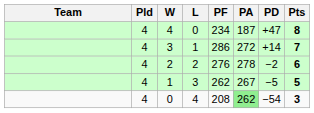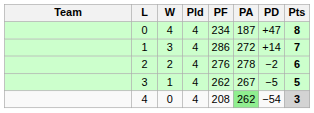 <table class=wikitable style="text-align:center">
 <tr>
 <th width=180>Team</th>
+<th width=30>L</th>
+<th width=30>W</th>
 <th width=30>Pld</th>
-<th width=30>W</th>
-<th width=30>L</th>
 <th width=30>PF</th>
 <th width=30>PA</th>
 <th width=30>PD</th>
 <th width=30>Pts</th>
 </tr>
 <tr bgcolor=ccffcc>
 <td align=left></td>
+<td>0</td>
 <td>4</td>
 <td>4</td>
-<td>0</td>
 <td>234</td>
 <td>187</td>
 <td>+47</td>
 <td><strong>8</strong></td>
 </tr>
 <tr bgcolor=ccffcc>
 <td align=left></td>
+<td>1</td>
+<td>3</td>
 <td>4</td>
-<td>3</td>
-<td>1</td>
 <td>286</td>
 <td>272</td>
 <td>+14</td>
 <td><strong>7</strong></td>
 </tr>
 <tr bgcolor=ccffcc>
 <td align=left></td>
-<td>4</td>
 <td>2</td>
 <td>2</td>
+<td>4</td>
 <td>276</td>
 <td>278</td>
 <td>−2</td>
 <td><strong>6</strong></td>
 </tr>
 <tr bgcolor=ccffcc>
 <td align=left></td>
+<td>3</td>
+<td>1</td>
 <td>4</td>
-<td>1</td>
-<td>3</td>
 <td>262</td>
 <td>267</td>
 <td>−5</td>
 <td><strong>5</strong></td>
 </tr>
 <tr>
 <td align=left></td>
 <td>4</td>
 <td>0</td>
 <td>4</td>
 <td>208</td>
 <td style="background: lightgreen;">262</td>
 <td>−54</td>
-<td><strong>3</strong></td>
+<td style="background: lightgrey;"><strong>3</strong></td>
 </tr>
 </table>
